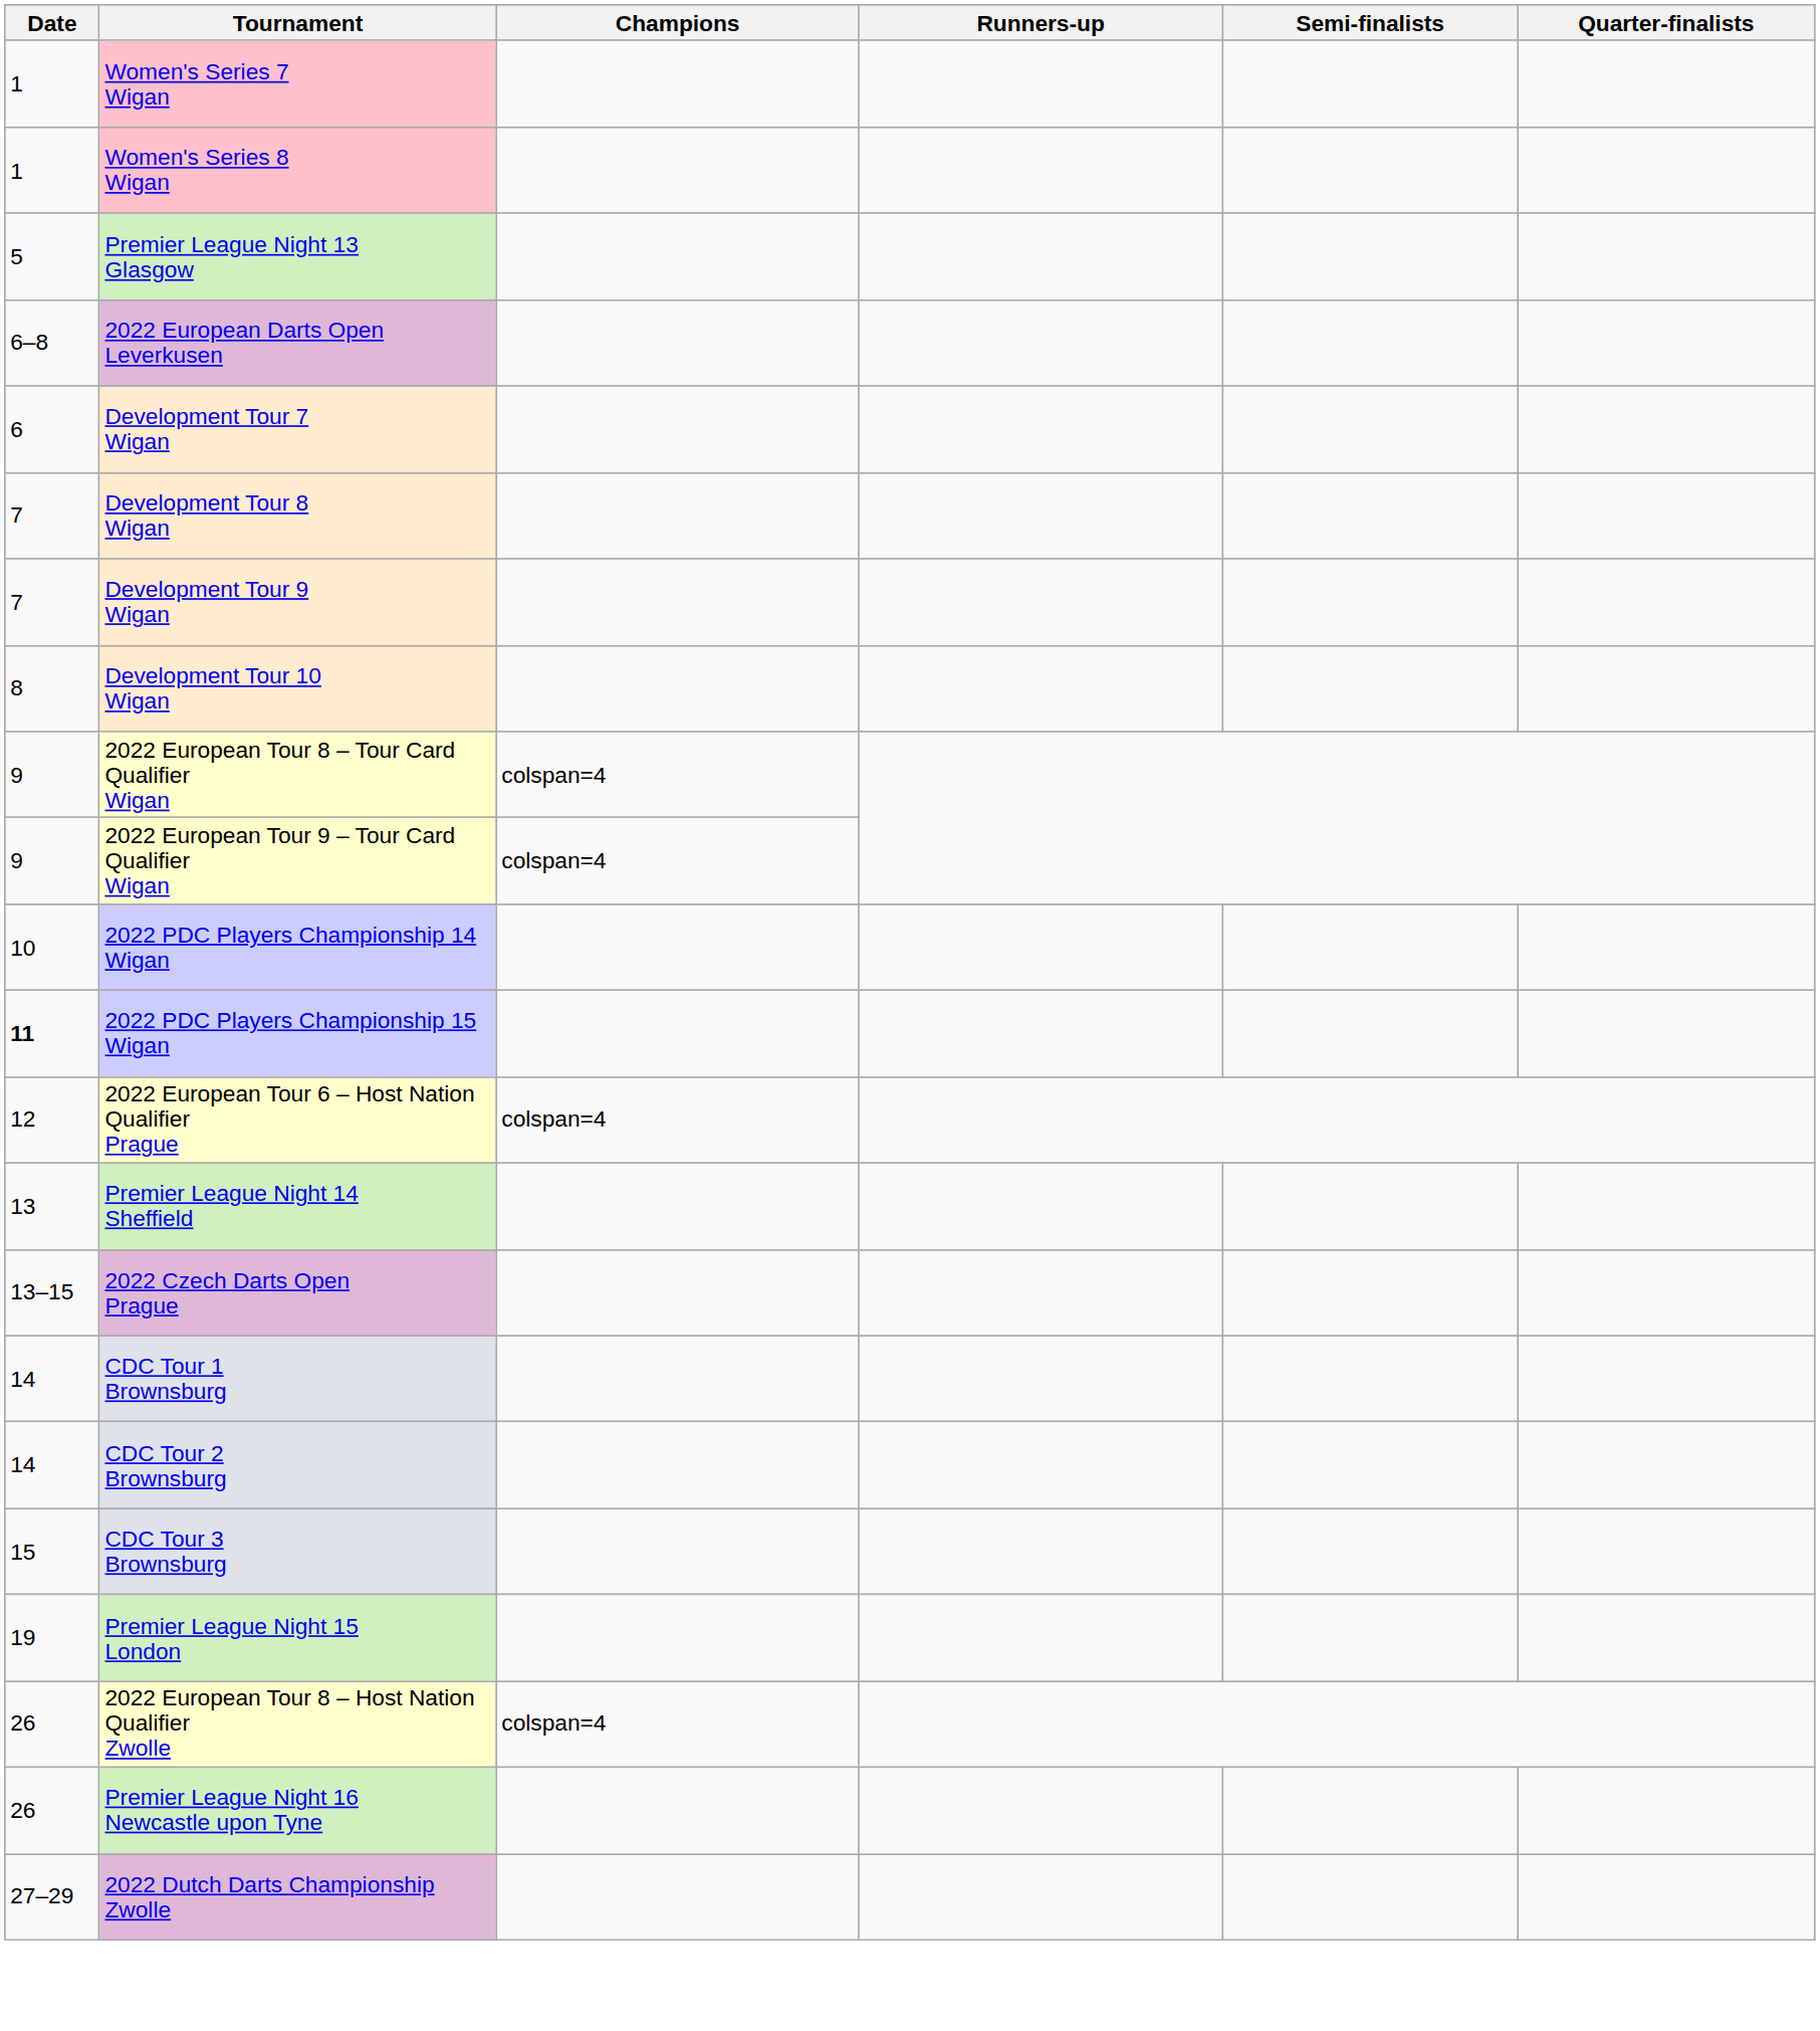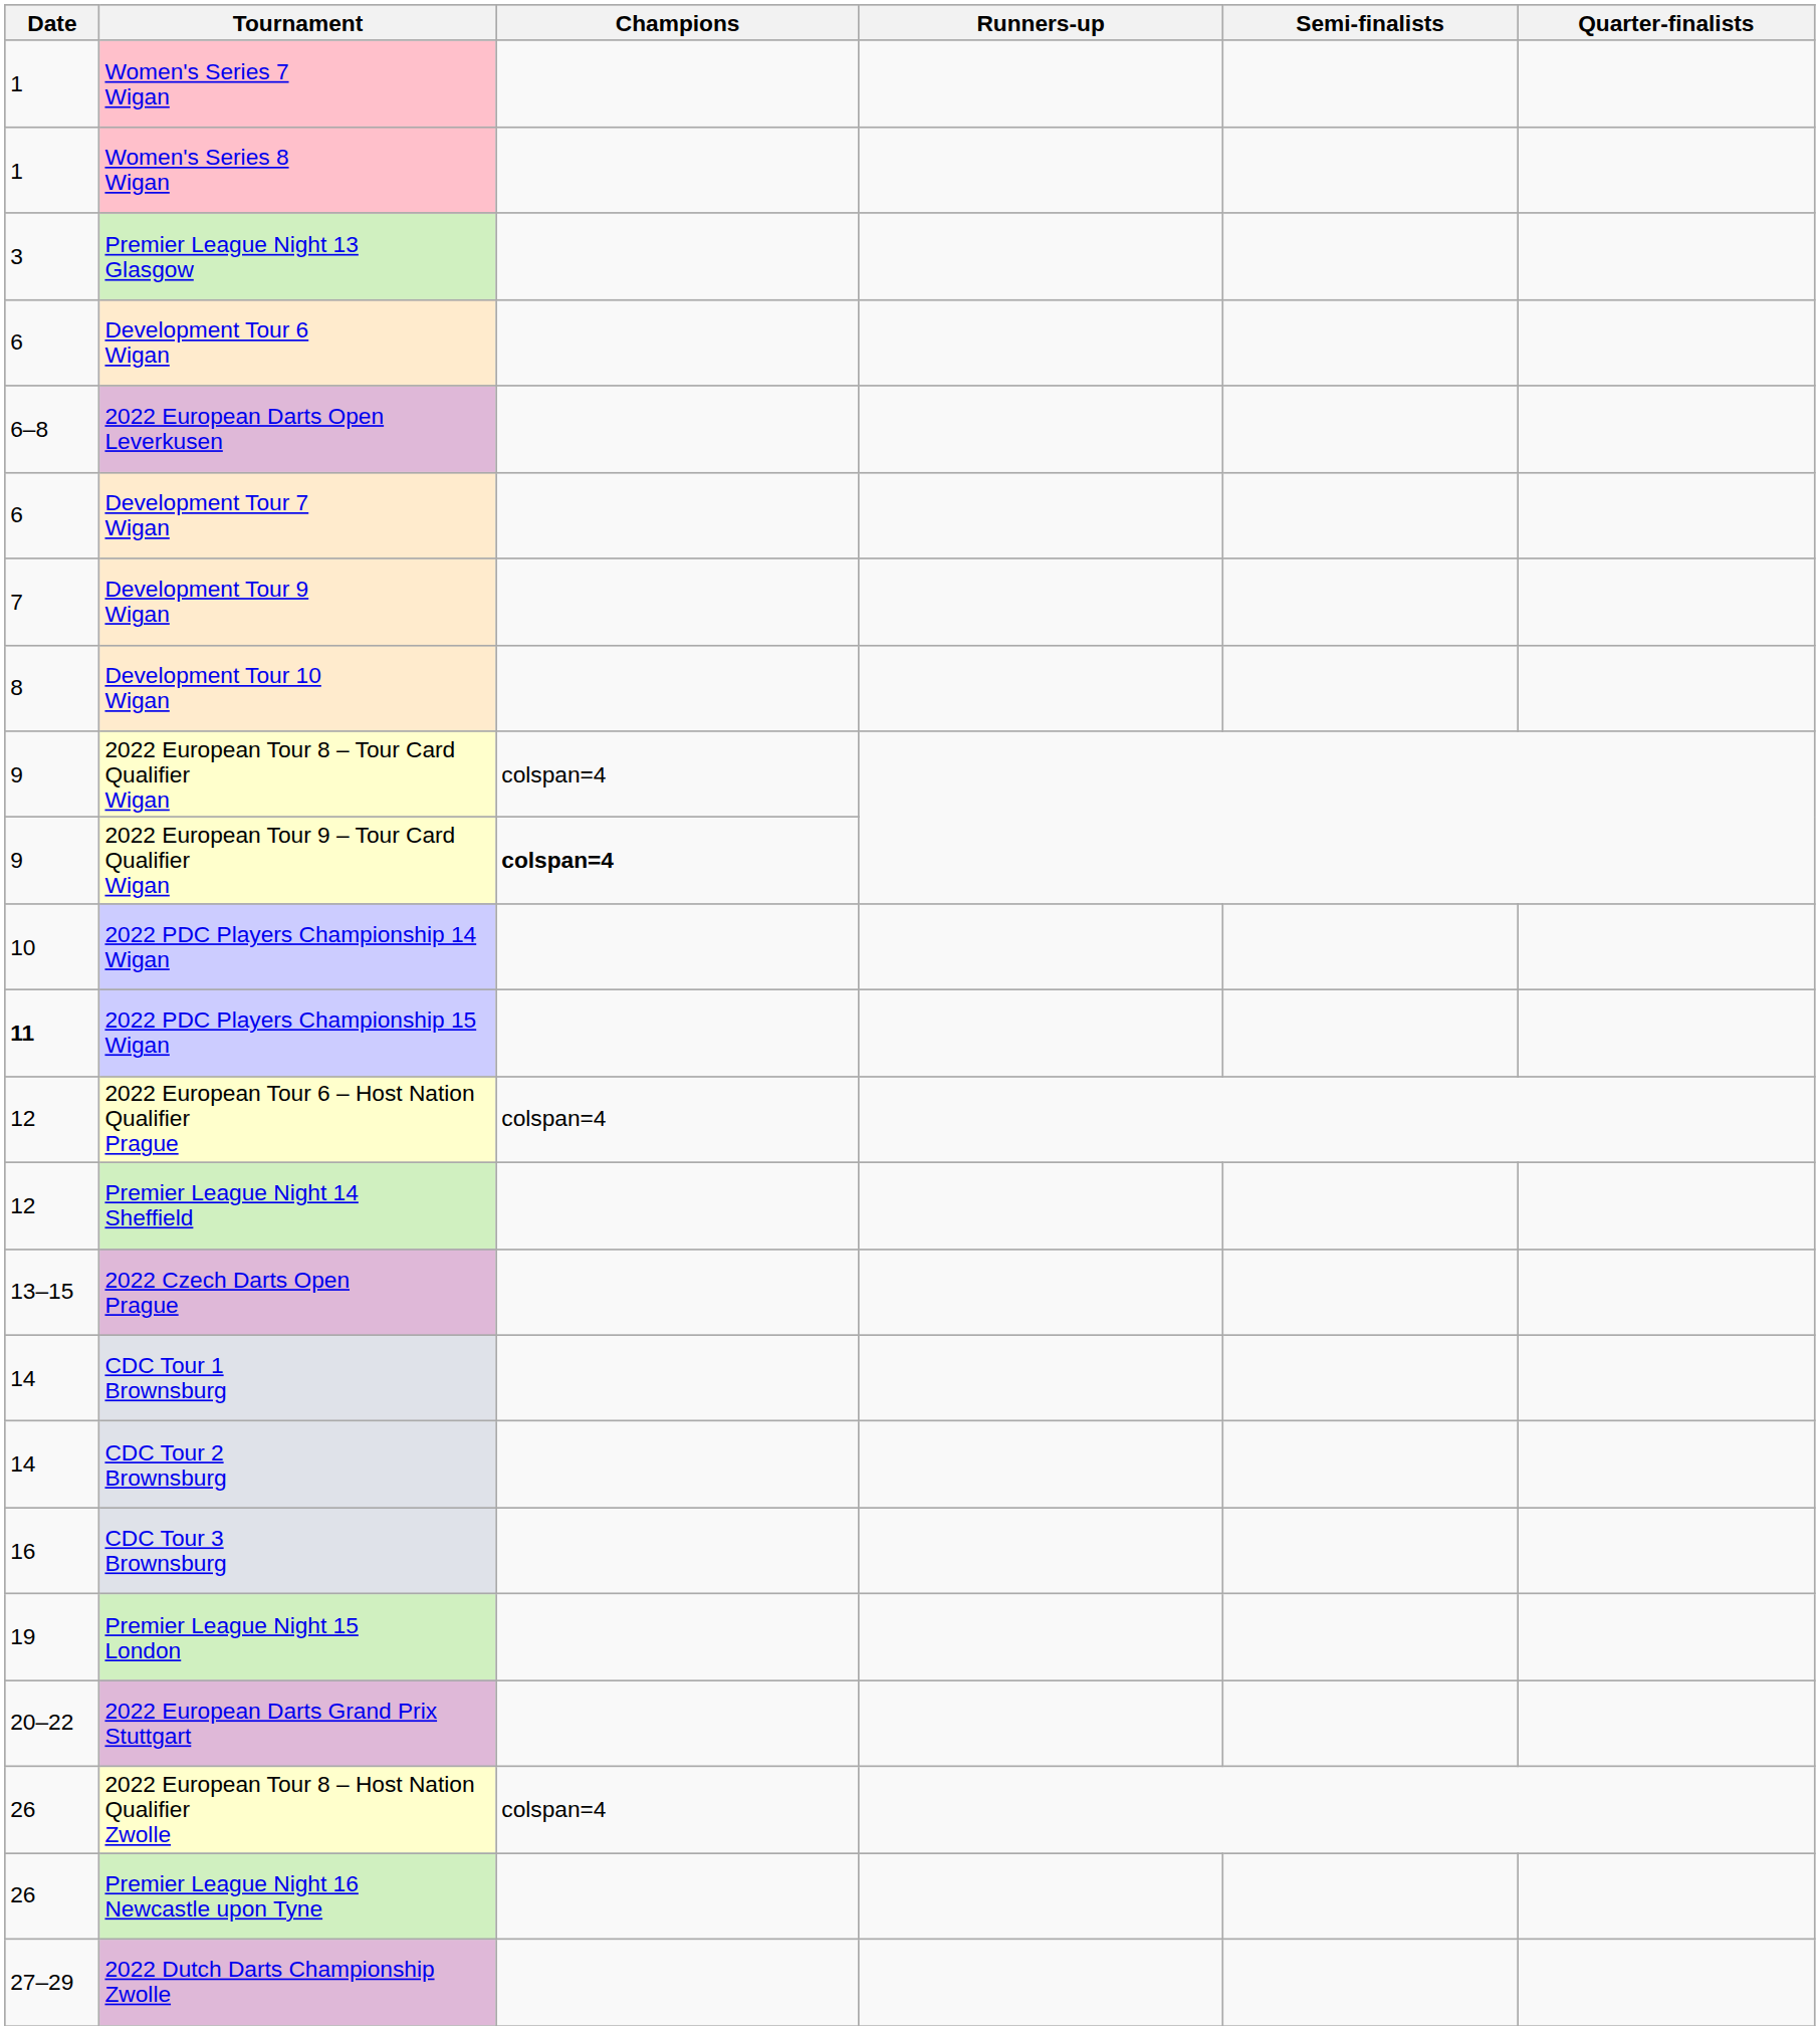 <table class=wikitable style=font-size:85%>
 <tr>
 <th width=50>Date</th>
 <th width=230>Tournament</th>
 <th width=210>Champions</th>
 <th width=210>Runners-up</th>
 <th width=170>Semi-finalists</th>
 <th width=170>Quarter-finalists</th>
 </tr>
 <tr>
 <td>1</td>
 <td bgcolor="#ffc0cb"><a href='#'>Women's Series 7</a> <br>  <a href='#'>Wigan</a></td>
 <td></td>
 <td></td>
 <td> <br> </td>
 <td> <br>  <br>  <br> </td>
 </tr>
 <tr>
 <td>1</td>
 <td bgcolor="#ffc0cb"><a href='#'>Women's Series 8</a> <br>  <a href='#'>Wigan</a></td>
 <td></td>
 <td></td>
 <td> <br> </td>
 <td> <br>  <br>  <br> </td>
 </tr>
 <tr>
-<td>5</td>
+<td>3</td>
 <td bgcolor="d0f0c0"><a href='#'>Premier League Night 13</a> <br> <a href='#'>Glasgow</a></td>
+<td></td>
+<td></td>
+<td> <br> </td>
+<td> <br>  <br>  <br> </td>
+</tr>
+<tr>
+<td>6</td>
+<td bgcolor="#ffebcd"><a href='#'>Development Tour 6</a> <br>  <a href='#'>Wigan</a></td>
 <td></td>
 <td></td>
 <td> <br> </td>
 <td> <br>  <br>  <br> </td>
 </tr>
 <tr>
 <td>6–8</td>
 <td bgcolor="#dfb8d8"><a href='#'>2022 European Darts Open</a> <br>  <a href='#'>Leverkusen</a></td>
 <td></td>
 <td></td>
 <td> <br> </td>
 <td> <br>  <br>  <br> </td>
 </tr>
 <tr>
 <td>6</td>
 <td bgcolor="#ffebcd"><a href='#'>Development Tour 7</a> <br>  <a href='#'>Wigan</a></td>
-<td></td>
-<td></td>
-<td> <br> </td>
-<td> <br>  <br>  <br> </td>
-</tr>
-<tr>
-<td>7</td>
-<td bgcolor="#ffebcd"><a href='#'>Development Tour 8</a> <br>  <a href='#'>Wigan</a></td>
 <td></td>
 <td></td>
 <td> <br> </td>
 <td> <br>  <br>  <br> </td>
 </tr>
 <tr>
 <td>7</td>
 <td bgcolor="#ffebcd"><a href='#'>Development Tour 9</a> <br>  <a href='#'>Wigan</a></td>
 <td></td>
 <td></td>
 <td> <br> </td>
 <td> <br>  <br>  <br> </td>
 </tr>
 <tr>
 <td>8</td>
 <td bgcolor="#ffebcd"><a href='#'>Development Tour 10</a> <br>  <a href='#'>Wigan</a></td>
 <td></td>
 <td></td>
 <td> <br> </td>
 <td> <br>  <br>  <br> </td>
 </tr>
 <tr>
 <td>9</td>
 <td bgcolor="ffffcc">2022 European Tour 8 – Tour Card Qualifier <br> <a href='#'>Wigan</a></td>
 <td>colspan=4 </td>
 </tr>
 <tr>
 <td>9</td>
 <td bgcolor="ffffcc">2022 European Tour 9 – Tour Card Qualifier <br> <a href='#'>Wigan</a></td>
-<td>colspan=4 </td>
+<td><strong>colspan=4 </strong></td>
 </tr>
 <tr>
 <td>10</td>
 <td bgcolor="#ccccff"><a href='#'>2022 PDC Players Championship 14</a> <br>  <a href='#'>Wigan</a></td>
 <td></td>
 <td></td>
 <td> <br> </td>
 <td> <br>  <br>  <br> </td>
 </tr>
 <tr>
 <td><strong>11</strong></td>
 <td bgcolor="#ccccff"><a href='#'>2022 PDC Players Championship 15</a> <br>  <a href='#'>Wigan</a></td>
 <td></td>
 <td></td>
 <td> <br> </td>
 <td> <br>  <br>  <br> </td>
 </tr>
 <tr>
 <td>12</td>
 <td bgcolor="ffffcc">2022 European Tour 6 – Host Nation Qualifier <br> <a href='#'>Prague</a></td>
 <td>colspan=4 </td>
 </tr>
 <tr>
-<td>13</td>
+<td>12</td>
 <td bgcolor="d0f0c0"><a href='#'>Premier League Night 14</a> <br> <a href='#'>Sheffield</a></td>
 <td></td>
 <td></td>
 <td> <br> </td>
 <td> <br>  <br>  <br> </td>
 </tr>
 <tr>
 <td>13–15</td>
 <td bgcolor="#dfb8d8"><a href='#'>2022 Czech Darts Open</a> <br>  <a href='#'>Prague</a></td>
 <td></td>
 <td></td>
 <td> <br> </td>
 <td> <br>  <br>  <br> </td>
 </tr>
 <tr>
 <td>14</td>
 <td bgcolor="#dfe2e9"><a href='#'>CDC Tour 1</a> <br>  <a href='#'>Brownsburg</a></td>
 <td></td>
 <td></td>
 <td> <br> </td>
 <td> <br>  <br>  <br> </td>
 </tr>
 <tr>
 <td>14</td>
 <td bgcolor="#dfe2e9"><a href='#'>CDC Tour 2</a> <br>  <a href='#'>Brownsburg</a></td>
 <td></td>
 <td></td>
 <td> <br> </td>
 <td> <br>  <br>  <br> </td>
 </tr>
 <tr>
-<td>15</td>
+<td>16</td>
 <td bgcolor="#dfe2e9"><a href='#'>CDC Tour 3</a> <br>  <a href='#'>Brownsburg</a></td>
 <td></td>
 <td></td>
 <td> <br> </td>
 <td> <br>  <br>  <br> </td>
 </tr>
 <tr>
 <td>19</td>
 <td bgcolor="d0f0c0"><a href='#'>Premier League Night 15</a> <br> <a href='#'>London</a></td>
+<td></td>
+<td></td>
+<td> <br> </td>
+<td> <br>  <br>  <br> </td>
+</tr>
+<tr>
+<td>20–22</td>
+<td bgcolor="#dfb8d8"><a href='#'>2022 European Darts Grand Prix</a> <br>  <a href='#'>Stuttgart</a></td>
 <td></td>
 <td></td>
 <td> <br> </td>
 <td> <br>  <br>  <br> </td>
 </tr>
 <tr>
 <td>26</td>
 <td bgcolor="ffffcc">2022 European Tour 8 – Host Nation Qualifier <br> <a href='#'>Zwolle</a></td>
 <td>colspan=4 </td>
 </tr>
 <tr>
 <td>26</td>
 <td bgcolor="d0f0c0"><a href='#'>Premier League Night 16</a> <br> <a href='#'>Newcastle upon Tyne</a></td>
 <td></td>
 <td></td>
 <td> <br> </td>
 <td> <br>  <br>  <br> </td>
 </tr>
 <tr>
 <td>27–29</td>
 <td bgcolor="#dfb8d8"><a href='#'>2022 Dutch Darts Championship</a> <br>  <a href='#'>Zwolle</a></td>
 <td></td>
 <td></td>
 <td> <br> </td>
 <td> <br>  <br>  <br> </td>
 </tr>
 </table>
